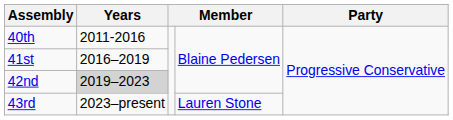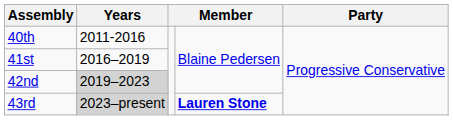 <table class="wikitable">
 <tr>
 <th>Assembly</th>
 <th>Years</th>
 <th colspan="2">Member</th>
 <th>Party<br></th>
 </tr>
 <tr>
 <td><a href='#'>40th</a></td>
 <td>2011-2016</td>
 <td rowspan=4 ></td>
 <td rowspan=3><a href='#'>Blaine Pedersen</a></td>
 <td rowspan=4><a href='#'>Progressive Conservative</a></td>
 </tr>
 <tr>
 <td><a href='#'>41st</a></td>
 <td>2016–2019</td>
 </tr>
 <tr>
 <td><a href='#'>42nd</a></td>
 <td style="background: lightgrey;">2019–2023</td>
 </tr>
 <tr>
 <td><a href='#'>43rd</a></td>
-<td>2023–present</td>
-<td rowspan=1><a href='#'>Lauren Stone</a></td>
+<td style="background: lightgrey;">2023–present</td>
+<td rowspan=1><strong><a href='#'>Lauren Stone</a></strong></td>
 </tr>
 </table>
